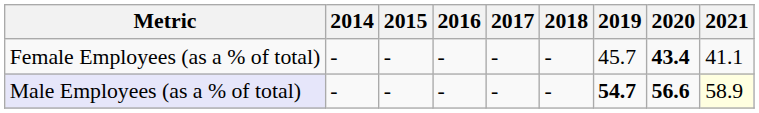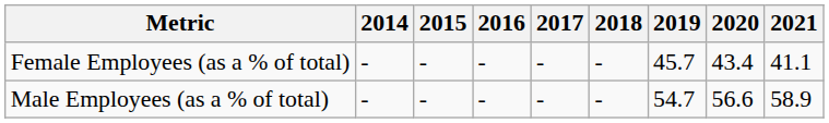 <table class="wikitable">
 <tr>
 <th>Metric</th>
 <th>2014</th>
 <th>2015</th>
 <th>2016</th>
 <th>2017</th>
 <th>2018</th>
 <th>2019</th>
 <th>2020</th>
 <th>2021</th>
 </tr>
 <tr>
 <td>Female Employees (as a % of total)</td>
 <td>-</td>
 <td>-</td>
 <td>-</td>
 <td>-</td>
 <td>-</td>
 <td>45.7</td>
-<td><strong>43.4</strong></td>
+<td>43.4</td>
 <td>41.1</td>
 </tr>
 <tr>
-<td style="background: lavender;">Male Employees (as a % of total)</td>
+<td>Male Employees (as a % of total)</td>
 <td>-</td>
 <td>-</td>
 <td>-</td>
 <td>-</td>
 <td>-</td>
-<td><strong>54.7</strong></td>
-<td><strong>56.6</strong></td>
-<td style="background: lightyellow;">58.9</td>
+<td>54.7</td>
+<td>56.6</td>
+<td>58.9</td>
 </tr>
 </table>
